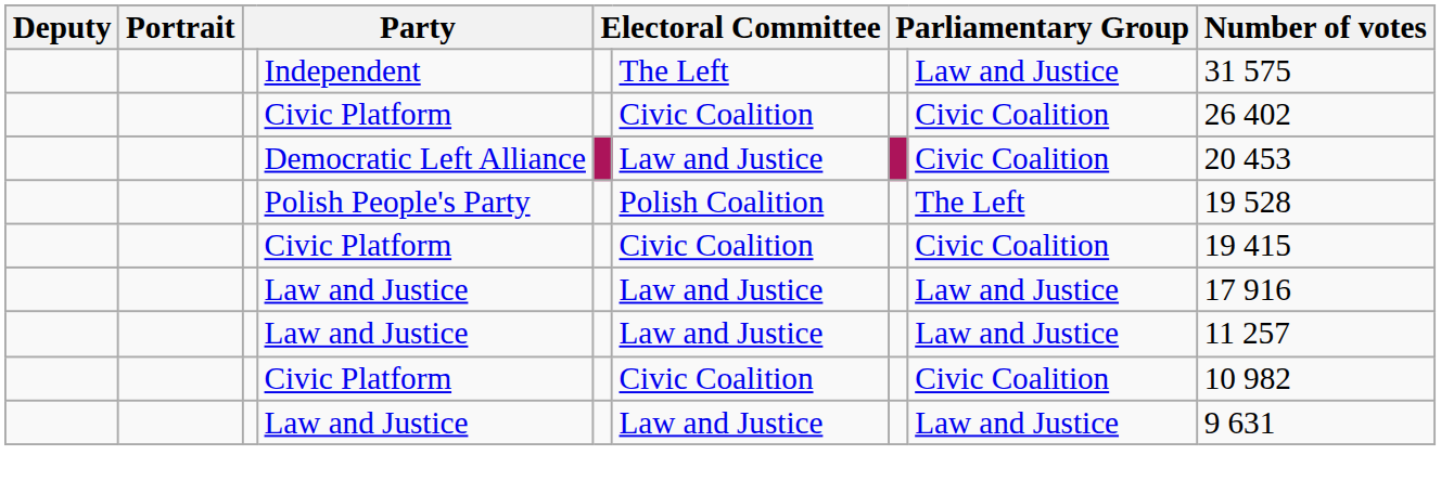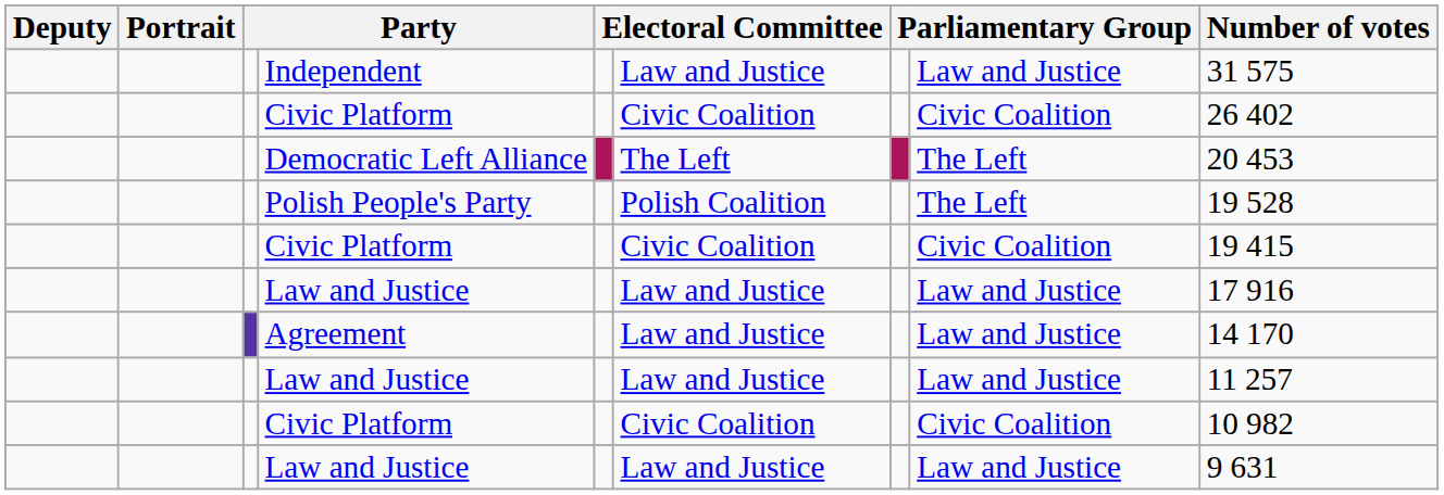 <table class="wikitable sortable" style="font-size:95%;line-height:14px;">
 <tr>
 <th>Deputy</th>
 <th>Portrait</th>
 <th colspan="2">Party</th>
 <th colspan="2">Electoral Committee</th>
 <th colspan="2">Parliamentary Group</th>
 <th>Number of votes</th>
 </tr>
 <tr>
 <td></td>
 <td></td>
 <td style="background:"></td>
 <td><a href='#'>Independent</a></td>
 <td style="background:"></td>
-<td><a href='#'>The Left</a></td>
+<td><a href='#'>Law and Justice</a></td>
 <td style="background:"></td>
 <td><a href='#'>Law and Justice</a></td>
 <td>31 575</td>
 </tr>
 <tr>
 <td></td>
 <td></td>
 <td style="background:"></td>
 <td><a href='#'>Civic Platform</a></td>
 <td style="background:"></td>
 <td><a href='#'>Civic Coalition</a></td>
 <td style="background:"></td>
 <td><a href='#'>Civic Coalition</a></td>
 <td>26 402</td>
 </tr>
 <tr>
 <td></td>
 <td></td>
 <td style="background:"></td>
 <td><a href='#'>Democratic Left Alliance</a></td>
 <td style="background:#AC145A;"></td>
-<td><a href='#'>Law and Justice</a></td>
+<td><a href='#'>The Left</a></td>
 <td style="background:#AC145A;"></td>
-<td><a href='#'>Civic Coalition</a></td>
+<td><a href='#'>The Left</a></td>
 <td>20 453</td>
 </tr>
 <tr>
 <td></td>
 <td></td>
 <td style="background:"></td>
 <td><a href='#'>Polish People's Party</a></td>
 <td style="background:"></td>
 <td><a href='#'>Polish Coalition</a></td>
 <td style="background:"></td>
 <td><a href='#'>The Left</a></td>
 <td>19 528</td>
 </tr>
 <tr>
 <td></td>
 <td></td>
 <td style="background:"></td>
 <td><a href='#'>Civic Platform</a></td>
 <td style="background:"></td>
 <td><a href='#'>Civic Coalition</a></td>
 <td style="background:"></td>
 <td><a href='#'>Civic Coalition</a></td>
 <td>19 415</td>
 </tr>
 <tr>
 <td></td>
 <td></td>
 <td style="background:"></td>
 <td><a href='#'>Law and Justice</a></td>
 <td style="background:"></td>
 <td><a href='#'>Law and Justice</a></td>
 <td style="background:"></td>
 <td><a href='#'>Law and Justice</a></td>
 <td>17 916</td>
 </tr>
 <tr>
 <td></td>
 <td></td>
+<td style="background:#5234A5;"></td>
+<td><a href='#'>Agreement</a></td>
+<td style="background:"></td>
+<td><a href='#'>Law and Justice</a></td>
+<td style="background:"></td>
+<td><a href='#'>Law and Justice</a></td>
+<td>14 170</td>
+</tr>
+<tr>
+<td></td>
+<td></td>
 <td style="background:"></td>
 <td><a href='#'>Law and Justice</a></td>
 <td style="background:"></td>
 <td><a href='#'>Law and Justice</a></td>
 <td style="background:"></td>
 <td><a href='#'>Law and Justice</a></td>
 <td>11 257</td>
 </tr>
 <tr>
 <td></td>
 <td></td>
 <td style="background:"></td>
 <td><a href='#'>Civic Platform</a></td>
 <td style="background:"></td>
 <td><a href='#'>Civic Coalition</a></td>
 <td style="background:"></td>
 <td><a href='#'>Civic Coalition</a></td>
 <td>10 982</td>
 </tr>
 <tr>
 <td></td>
 <td></td>
 <td style="background:"></td>
 <td><a href='#'>Law and Justice</a></td>
 <td style="background:"></td>
 <td><a href='#'>Law and Justice</a></td>
 <td style="background:"></td>
 <td><a href='#'>Law and Justice</a></td>
 <td>9 631</td>
 </tr>
 </table>
